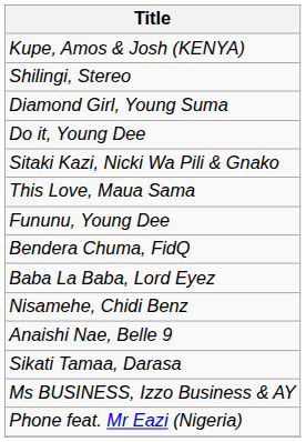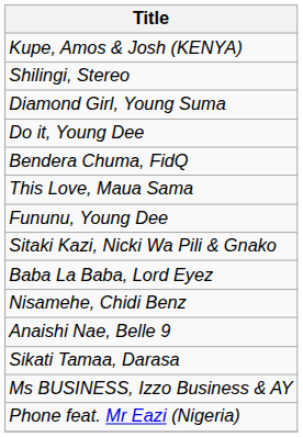 <table class="wikitable">
 <tr>
 <th>Title</th>
 </tr>
 <tr>
 <td><em>Kupe, Amos & Josh (KENYA)</em></td>
 </tr>
 <tr>
 <td><em>Shilingi, Stereo</em></td>
 </tr>
 <tr>
 <td><em>Diamond Girl, Young Suma</em></td>
 </tr>
 <tr>
 <td><em>Do it, Young Dee</em></td>
 </tr>
 <tr>
-<td><em>Sitaki Kazi, Nicki Wa Pili & Gnako</em></td>
+<td><em>Bendera Chuma, FidQ</em></td>
 </tr>
 <tr>
 <td><em>This Love, Maua Sama</em></td>
 </tr>
 <tr>
 <td><em>Fununu, Young Dee</em></td>
 </tr>
 <tr>
-<td><em>Bendera Chuma, FidQ</em></td>
+<td><em>Sitaki Kazi, Nicki Wa Pili & Gnako</em></td>
 </tr>
 <tr>
 <td><em>Baba La Baba, Lord Eyez</em></td>
 </tr>
 <tr>
 <td><em>Nisamehe, Chidi Benz</em></td>
 </tr>
 <tr>
 <td><em>Anaishi Nae, Belle 9</em></td>
 </tr>
 <tr>
 <td><em>Sikati Tamaa, Darasa</em></td>
 </tr>
 <tr>
 <td><em>Ms BUSINESS, Izzo Business & AY</em></td>
 </tr>
 <tr>
 <td><em>Phone feat. <a href='#'>Mr Eazi</a> (Nigeria)</em></td>
 </tr>
 <tr>
 </tr>
 </table>
